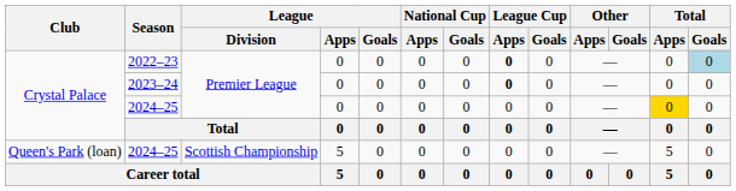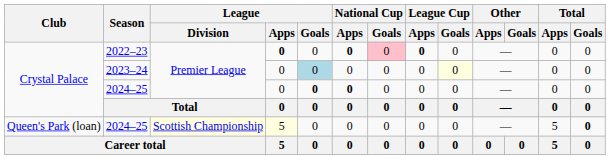 <table class="wikitable" style="text-align: center;">
 <tr>
 <th rowspan="2">Club</th>
 <th rowspan="2">Season</th>
 <th colspan="3">League</th>
 <th colspan="2">National Cup</th>
 <th colspan="2">League Cup</th>
 <th colspan="2">Other</th>
 <th colspan="2">Total</th>
 </tr>
 <tr>
 <th>Division</th>
 <th>Apps</th>
 <th>Goals</th>
 <th>Apps</th>
 <th>Goals</th>
 <th>Apps</th>
 <th>Goals</th>
 <th>Apps</th>
 <th>Goals</th>
 <th>Apps</th>
 <th>Goals</th>
 </tr>
 <tr>
 <td rowspan="4"><a href='#'>Crystal Palace</a></td>
 <td><a href='#'>2022–23</a></td>
 <td rowspan="3"><a href='#'>Premier League</a></td>
-<td>0</td>
-<td>0</td>
-<td>0</td>
+<td><strong>0</strong></td>
 <td>0</td>
 <td><strong>0</strong></td>
-<td>0</td>
-<td colspan="2">—</td>
-<td>0</td>
-<td style="background: lightblue;">0</td>
-</tr>
-<tr>
-<td><a href='#'>2023–24</a></td>
-<td>0</td>
-<td>0</td>
-<td>0</td>
-<td>0</td>
+<td style="background: pink;">0</td>
 <td><strong>0</strong></td>
 <td>0</td>
 <td colspan="2">—</td>
 <td>0</td>
 <td>0</td>
 </tr>
 <tr>
-<td><a href='#'>2024–25</a></td>
+<td><a href='#'>2023–24</a></td>
+<td>0</td>
+<td style="background: lightblue;">0</td>
 <td>0</td>
 <td>0</td>
 <td>0</td>
+<td style="background: lightyellow;">0</td>
+<td colspan="2">—</td>
+<td>0</td>
+<td>0</td>
+</tr>
+<tr>
+<td><a href='#'>2024–25</a></td>
+<td>0</td>
+<td><strong>0</strong></td>
+<td><strong>0</strong></td>
 <td>0</td>
 <td>0</td>
 <td>0</td>
 <td colspan="2">—</td>
-<td style="background: gold;">0</td>
+<td>0</td>
 <td>0</td>
 </tr>
 <tr>
 <th colspan=2>Total</th>
 <th>0</th>
 <th>0</th>
 <th>0</th>
 <th>0</th>
 <th>0</th>
 <th>0</th>
 <th colspan="2">—</th>
 <th>0</th>
 <th>0</th>
 </tr>
 <tr>
 <td><a href='#'>Queen's Park</a> (loan)</td>
 <td><a href='#'>2024–25</a></td>
-<td><a href='#'>Scottish Championship</a></td>
-<td>5</td>
+<td style="background: lightyellow;"><a href='#'>Scottish Championship</a></td>
+<td style="background: lightyellow;">5</td>
 <td>0</td>
 <td>0</td>
 <td>0</td>
 <td>0</td>
 <td>0</td>
 <td colspan="2">—</td>
 <td>5</td>
-<td 0>0</td>
+<td 0><strong>0</strong></td>
 </tr>
 <tr>
 <th colspan=3>Career total</th>
 <th>5</th>
 <th>0</th>
 <th>0</th>
 <th>0</th>
 <th>0</th>
 <th>0</th>
 <th>0</th>
 <th>0</th>
 <th>5</th>
 <th>0</th>
 </tr>
 </table>
